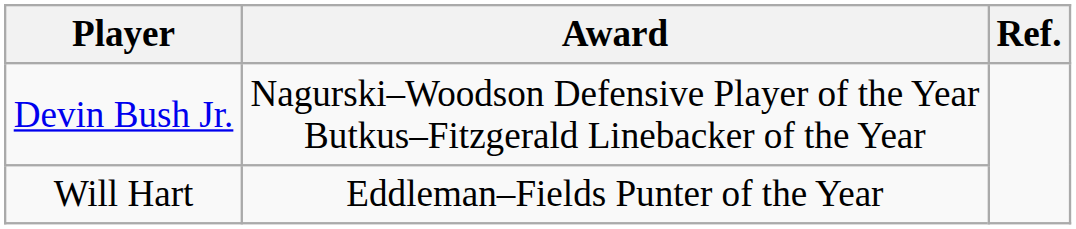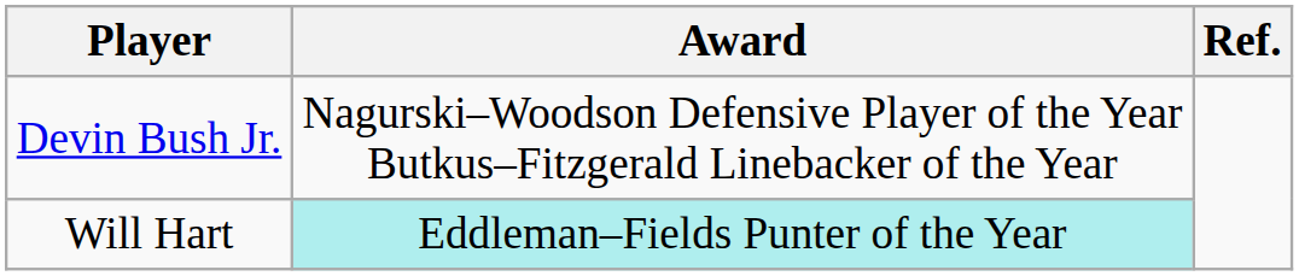 <table class="wikitable sortable sortable" style="text-align: center">
 <tr align=center>
 <th>Player</th>
 <th>Award</th>
 <th>Ref.</th>
 </tr>
 <tr>
 <td><a href='#'>Devin Bush Jr.</a></td>
 <td>Nagurski–Woodson Defensive Player of the Year<br>Butkus–Fitzgerald Linebacker of the Year</td>
 <td rowspan="2"></td>
 </tr>
 <tr>
 <td>Will Hart</td>
-<td>Eddleman–Fields Punter of the Year</td>
+<td style="background: paleturquoise;">Eddleman–Fields Punter of the Year</td>
 </tr>
 </table>
